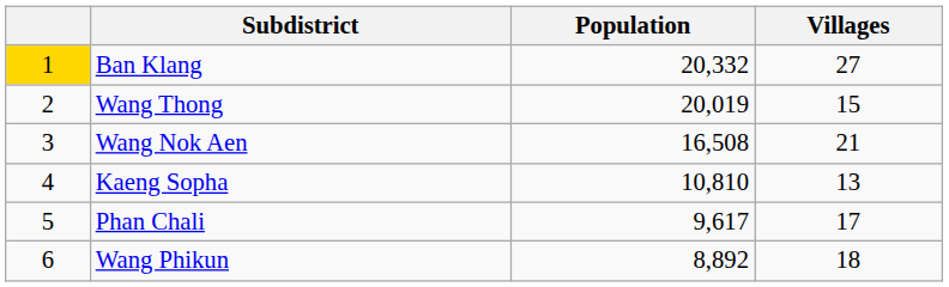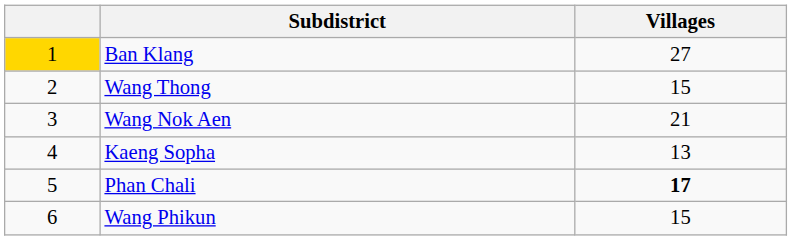 <table class="wikitable" style="width:48%; display:inline-table;">
 <tr>
 <th scope="col" style="width:9%;"> </th>
 <th scope="col" style="width:45%;">Subdistrict</th>
-<th scope="col" style="width:26%;">Population</th>
 <th scope="col" style="width:20%;">Villages</th>
 </tr>
 <tr>
 <td style="background: gold; text-align:center;">1</td>
 <td><a href='#'>Ban Klang</a></td>
-<td style="text-align:right;">20,332</td>
 <td style="text-align:center;">27</td>
 </tr>
 <tr>
 <td style="text-align:center;">2</td>
 <td><a href='#'>Wang Thong</a></td>
-<td style="text-align:right;">20,019</td>
 <td style="text-align:center;">15</td>
 </tr>
 <tr>
 <td style="text-align:center;">3</td>
 <td><a href='#'>Wang Nok Aen</a></td>
-<td style="text-align:right;">16,508</td>
 <td style="text-align:center;">21</td>
 </tr>
 <tr>
 <td style="text-align:center;">4</td>
 <td><a href='#'>Kaeng Sopha</a></td>
-<td style="text-align:right;">10,810</td>
 <td style="text-align:center;">13</td>
 </tr>
 <tr>
 <td style="text-align:center;">5</td>
 <td><a href='#'>Phan Chali</a></td>
-<td style="text-align:right;">9,617</td>
-<td style="text-align:center;">17</td>
+<td style="text-align:center;"><strong>17</strong></td>
 </tr>
 <tr>
 <td style="text-align:center;">6</td>
 <td><a href='#'>Wang Phikun</a></td>
-<td style="text-align:right;">8,892</td>
-<td style="text-align:center;">18</td>
+<td style="text-align:center;">15</td>
 </tr>
 </table>
